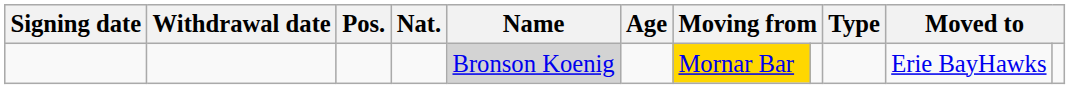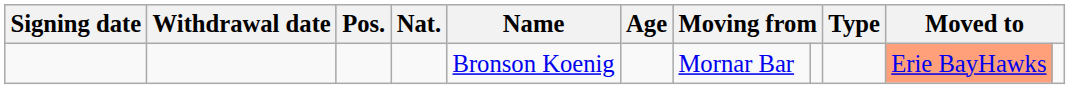 <table class="wikitable sortable">
 <tr>
 <th>Signing date</th>
 <th>Withdrawal date</th>
 <th>Pos.</th>
 <th>Nat.</th>
 <th>Name</th>
 <th>Age</th>
 <th colspan=2>Moving from</th>
 <th>Type</th>
 <th colspan=2>Moved to</th>
 </tr>
 <tr>
 <td></td>
 <td></td>
 <td></td>
 <td></td>
-<td style="background: lightgrey;"><a href='#'>Bronson Koenig</a></td>
+<td><a href='#'>Bronson Koenig</a></td>
 <td></td>
-<td style="background: gold;"><a href='#'>Mornar Bar</a></td>
+<td><a href='#'>Mornar Bar</a></td>
 <td></td>
 <td></td>
-<td><a href='#'>Erie BayHawks</a></td>
+<td style="background: lightsalmon;"><a href='#'>Erie BayHawks</a></td>
 <td></td>
 </tr>
 </table>
